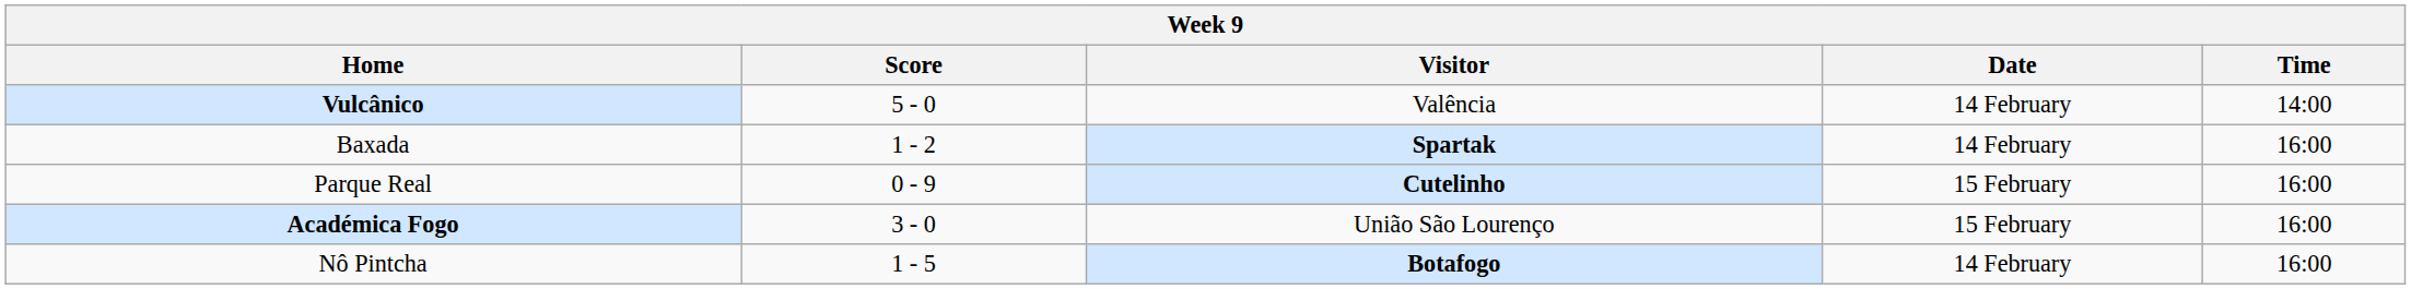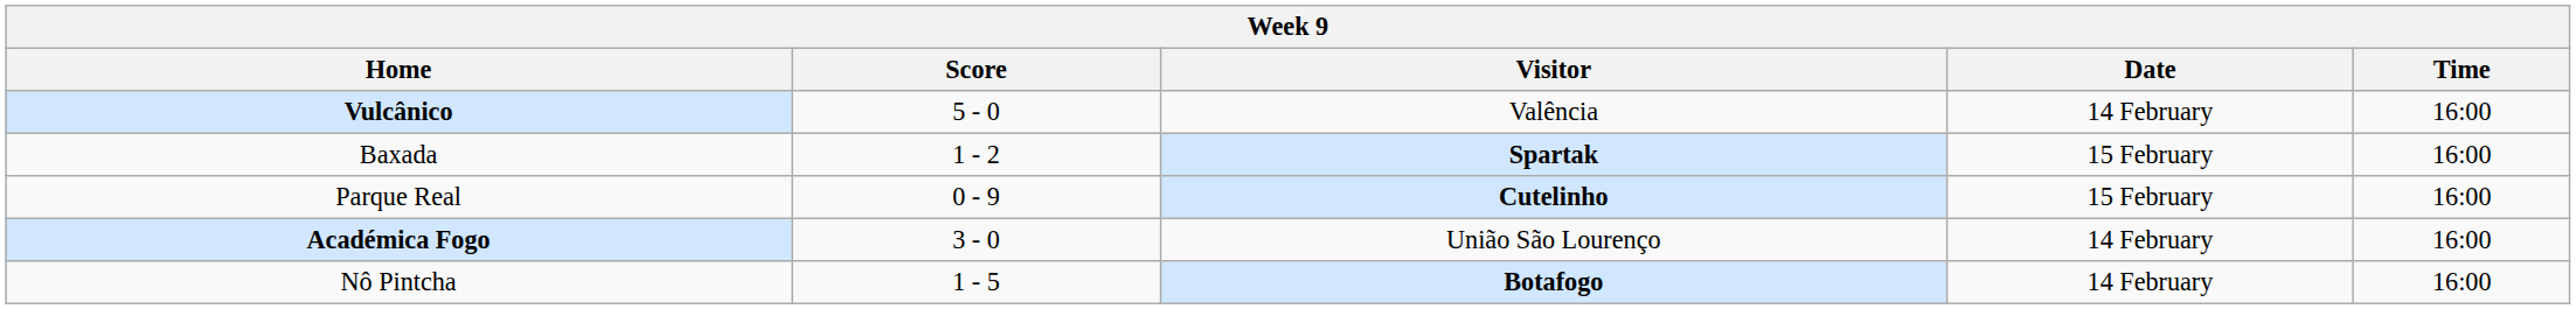 <table class="wikitable" style="margin:1em auto; font-size:95%; text-align: center; width: 95%;">
 <tr>
 <th colspan="12"  style="with:100%;">Week 9</th>
 </tr>
 <tr>
 <th style="width:200px;">Home</th>
 <th width="90">Score</th>
 <th style="width:200px;">Visitor</th>
 <th style="width:100px;">Date</th>
 <th style="width:50px;">Time</th>
 </tr>
 <tr>
 <td bgcolor=#D0E7FF><strong>Vulcânico</strong></td>
 <td>5 - 0</td>
 <td>Valência</td>
 <td>14 February</td>
-<td>14:00</td>
+<td>16:00</td>
 </tr>
 <tr>
 <td>Baxada</td>
 <td>1 - 2</td>
 <td bgcolor=#D0E7FF><strong>Spartak</strong></td>
-<td>14 February</td>
+<td>15 February</td>
 <td>16:00</td>
 </tr>
 <tr>
 <td>Parque Real</td>
 <td>0 - 9</td>
 <td bgcolor=#D0E7FF><strong>Cutelinho</strong></td>
 <td>15 February</td>
 <td>16:00</td>
 </tr>
 <tr>
 <td bgcolor=#D0E7FF><strong>Académica Fogo</strong></td>
 <td>3 - 0</td>
 <td>União São Lourenço</td>
-<td>15 February</td>
+<td>14 February</td>
 <td>16:00</td>
 </tr>
 <tr>
 <td>Nô Pintcha</td>
 <td>1 - 5</td>
 <td bgcolor=#D0E7FF><strong>Botafogo</strong></td>
 <td>14 February</td>
 <td>16:00</td>
 </tr>
 </table>
